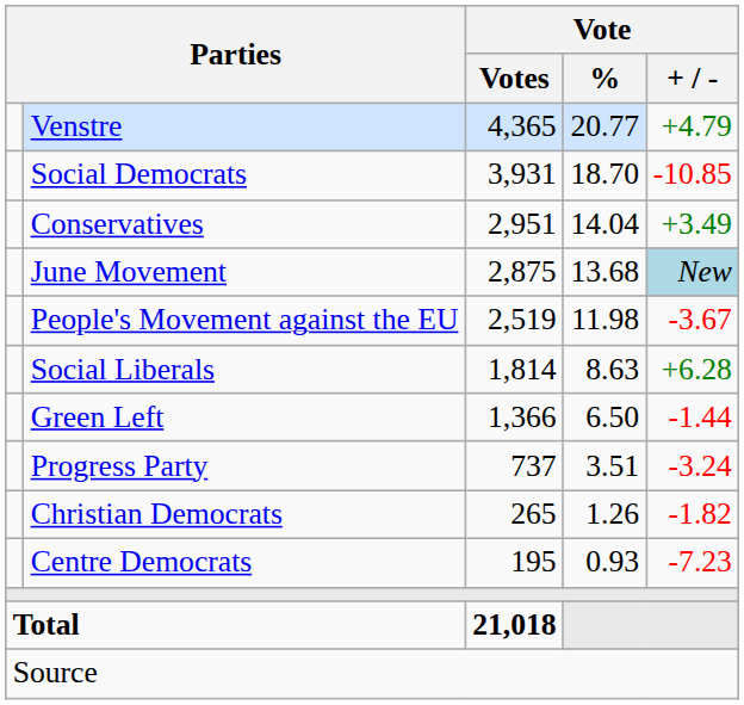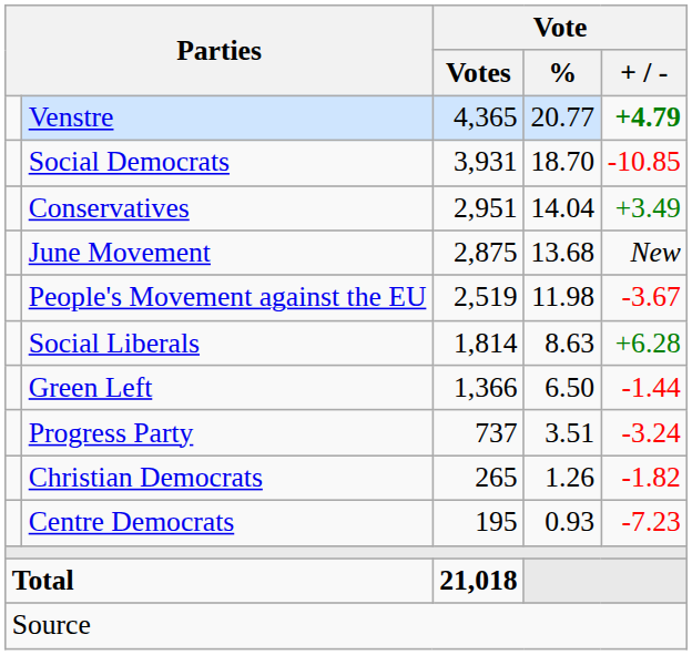 <table class="wikitable" style="text-align:right;">
 <tr>
 <th style="text-align:centre;" rowspan="2" colspan="2" width="225">Parties</th>
 <th colspan="3">Vote</th>
 </tr>
 <tr>
 <th width="15">Votes</th>
 <th width="15">%</th>
 <th width="15">+ / -</th>
 </tr>
 <tr>
 <td width="2" style="color:inherit;background:"></td>
 <td bgcolor=#cfe5fe   align="left"><a href='#'>Venstre</a></td>
 <td bgcolor=#cfe5fe>4,365</td>
 <td bgcolor=#cfe5fe>20.77</td>
-<td style=color:green;>+4.79</td>
+<td style=color:green;><strong>+4.79</strong></td>
 </tr>
 <tr>
 <td width="2" style="color:inherit;background:"></td>
 <td align="left"><a href='#'>Social Democrats</a></td>
 <td>3,931</td>
 <td>18.70</td>
 <td style=color:red;>-10.85</td>
 </tr>
 <tr>
 <td width="2" style="color:inherit;background:"></td>
 <td align="left"><a href='#'>Conservatives</a></td>
 <td>2,951</td>
 <td>14.04</td>
 <td style=color:green;>+3.49</td>
 </tr>
 <tr>
 <td width="2" style="color:inherit;background:"></td>
 <td align="left"><a href='#'>June Movement</a></td>
 <td>2,875</td>
 <td>13.68</td>
-<td style="background: lightblue;"><em>New</em></td>
+<td><em>New</em></td>
 </tr>
 <tr>
 <td width="2" style="color:inherit;background:"></td>
 <td align="left"><a href='#'>People's Movement against the EU</a></td>
 <td>2,519</td>
 <td>11.98</td>
 <td style=color:red;>-3.67</td>
 </tr>
 <tr>
 <td width="2" style="color:inherit;background:"></td>
 <td align="left"><a href='#'>Social Liberals</a></td>
 <td>1,814</td>
 <td>8.63</td>
 <td style=color:green;>+6.28</td>
 </tr>
 <tr>
 <td width="2" style="color:inherit;background:"></td>
 <td align="left"><a href='#'>Green Left</a></td>
 <td>1,366</td>
 <td>6.50</td>
 <td style=color:red;>-1.44</td>
 </tr>
 <tr>
 <td width="2" style="color:inherit;background:"></td>
 <td align="left"><a href='#'>Progress Party</a></td>
 <td>737</td>
 <td>3.51</td>
 <td style=color:red;>-3.24</td>
 </tr>
 <tr>
 <td width="2" style="color:inherit;background:"></td>
 <td align="left"><a href='#'>Christian Democrats</a></td>
 <td>265</td>
 <td>1.26</td>
 <td style=color:red;>-1.82</td>
 </tr>
 <tr>
 <td width="2" style="color:inherit;background:"></td>
 <td align="left"><a href='#'>Centre Democrats</a></td>
 <td>195</td>
 <td>0.93</td>
 <td style=color:red;>-7.23</td>
 </tr>
 <tr>
 <td colspan="7" bgcolor="#E9E9E9"></td>
 </tr>
 <tr>
 <td align="left" colspan="2"><strong>Total</strong></td>
 <td><strong>21,018</strong></td>
 <td bgcolor="#E9E9E9" colspan="2"></td>
 </tr>
 <tr>
 <td align="left" colspan="6">Source</td>
 </tr>
 </table>
